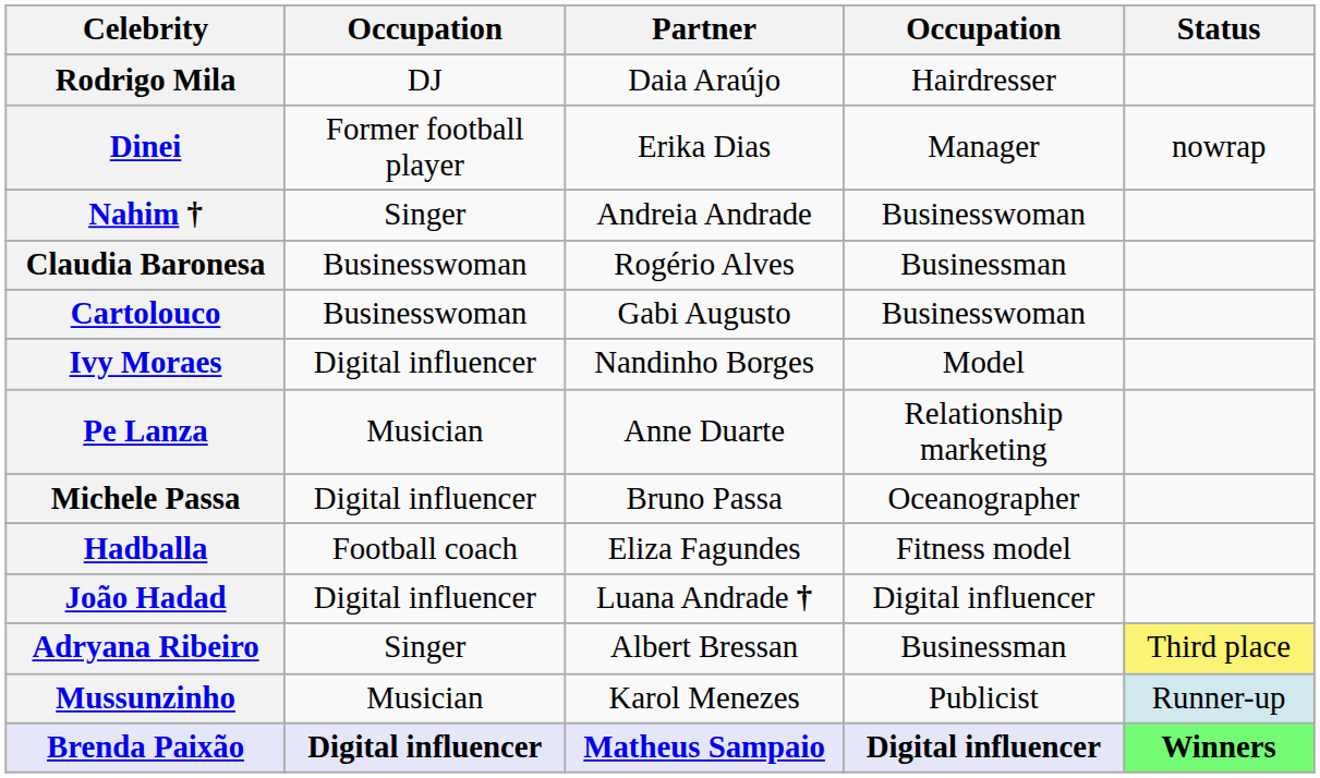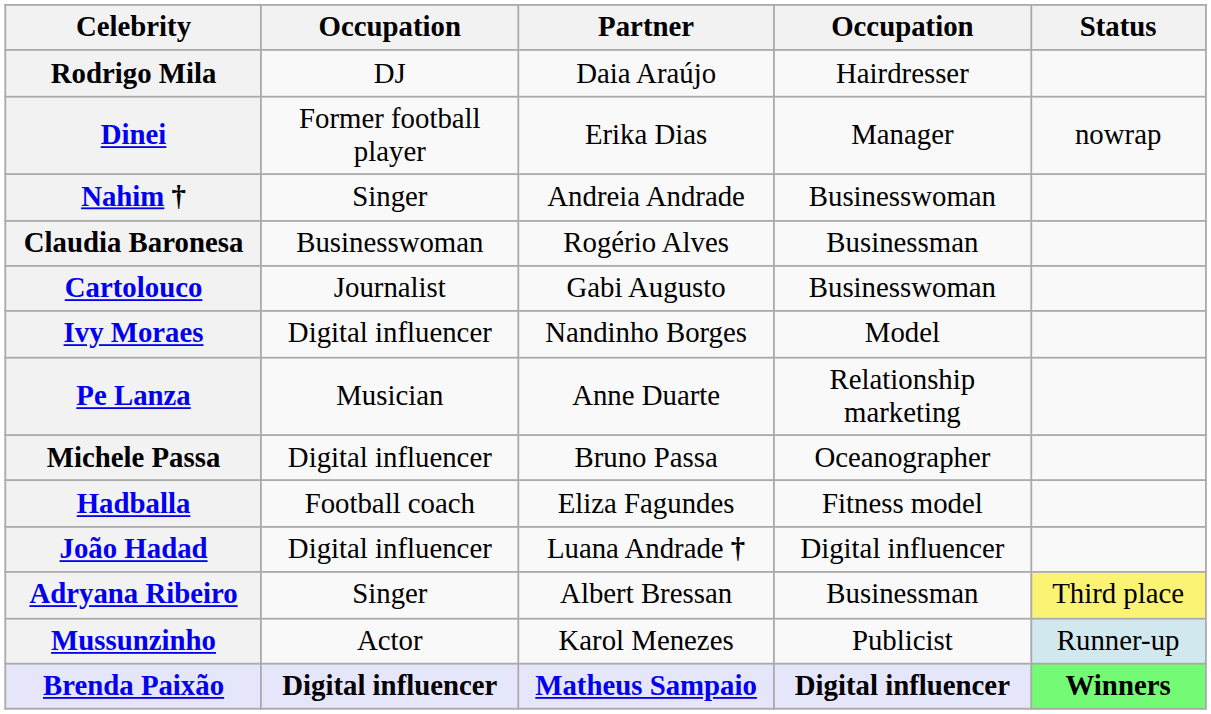 <table class= "wikitable sortable" style="margin: 1em auto; text-align: center; margin:auto; align: center;">
 <tr>
 <th width=135>Celebrity</th>
 <th width=135>Occupation</th>
 <th width=135>Partner</th>
 <th width=135>Occupation</th>
 <th width=090>Status</th>
 </tr>
 <tr>
 <th>Rodrigo Mila</th>
 <td>DJ</td>
 <td>Daia Araújo</td>
 <td>Hairdresser</td>
 <td><br></td>
 </tr>
 <tr>
 <th><a href='#'>Dinei</a></th>
 <td>Former football player</td>
 <td>Erika Dias</td>
 <td>Manager</td>
 <td>nowrap <br></td>
 </tr>
 <tr>
 <th><a href='#'>Nahim</a> †</th>
 <td>Singer</td>
 <td>Andreia Andrade</td>
 <td>Businesswoman</td>
 <td><br></td>
 </tr>
 <tr>
 <th nowrap>Claudia Baronesa</th>
 <td>Businesswoman</td>
 <td>Rogério Alves</td>
 <td>Businessman</td>
 <td><br></td>
 </tr>
 <tr>
 <th><a href='#'>Cartolouco</a></th>
-<td>Businesswoman</td>
+<td>Journalist</td>
 <td>Gabi Augusto</td>
 <td>Businesswoman</td>
 <td><br></td>
 </tr>
 <tr>
 <th><a href='#'>Ivy Moraes</a></th>
 <td>Digital influencer</td>
 <td>Nandinho Borges</td>
 <td>Model</td>
 <td><br></td>
 </tr>
 <tr>
 <th><a href='#'>Pe Lanza</a></th>
 <td>Musician</td>
 <td>Anne Duarte</td>
 <td>Relationship marketing</td>
 <td><br></td>
 </tr>
 <tr>
 <th>Michele Passa</th>
 <td>Digital influencer</td>
 <td>Bruno Passa</td>
 <td>Oceanographer</td>
 <td><br></td>
 </tr>
 <tr>
 <th><a href='#'>Hadballa</a></th>
 <td>Football coach</td>
 <td>Eliza Fagundes</td>
 <td>Fitness model</td>
 <td><br></td>
 </tr>
 <tr>
 <th><a href='#'>João Hadad</a></th>
 <td>Digital influencer</td>
 <td>Luana Andrade <strong>†</strong></td>
 <td>Digital influencer</td>
 <td><br></td>
 </tr>
 <tr>
 <th><a href='#'>Adryana Ribeiro</a></th>
 <td>Singer</td>
 <td>Albert Bressan</td>
 <td>Businessman</td>
 <td bgcolor=FBF373>Third place<br></td>
 </tr>
 <tr>
 <th><a href='#'>Mussunzinho</a></th>
-<td>Musician</td>
+<td>Actor</td>
 <td>Karol Menezes</td>
 <td>Publicist</td>
 <td bgcolor=D1E8EF>Runner-up<br></td>
 </tr>
 <tr>
 <td bgcolor="E6E6FA"><strong><a href='#'>Brenda Paixão</a></strong></td>
 <td bgcolor="E6E6FA"><strong>Digital influencer</strong></td>
 <td bgcolor="E6E6FA" nowrap><strong><a href='#'>Matheus Sampaio</a></strong></td>
 <td bgcolor="E6E6FA"><strong>Digital influencer</strong></td>
 <td bgcolor=73FB76><strong>Winners</strong><br></td>
 </tr>
 </table>
